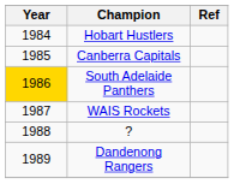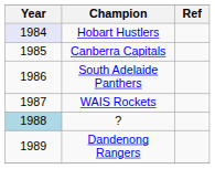 <table class="wikitable sortable" style="text-align:center">
 <tr bgcolor="#efefef">
 </tr>
 <tr font_color="#FFFFFF">
 <th style="width:70px">Year</th>
 <th style="width:145px">Champion</th>
 <th style="width:40px">Ref</th>
 </tr>
 <tr>
-<td align=center>1984</td>
+<td align=center style="background: lavender;">1984</td>
 <td><a href='#'>Hobart Hustlers</a></td>
 <td></td>
 </tr>
 <tr>
 <td align=center>1985</td>
 <td><a href='#'>Canberra Capitals</a></td>
 <td></td>
 </tr>
 <tr>
-<td align=center style="background: gold;">1986</td>
+<td align=center>1986</td>
 <td><a href='#'>South Adelaide Panthers</a></td>
 <td></td>
 </tr>
 <tr>
 <td align=center>1987</td>
 <td><a href='#'>WAIS Rockets</a></td>
 <td></td>
 </tr>
 <tr>
-<td align=center>1988</td>
+<td align=center style="background: lightblue;">1988</td>
 <td>?</td>
 <td></td>
 </tr>
 <tr>
 <td align=center>1989</td>
 <td><a href='#'>Dandenong Rangers</a></td>
 <td></td>
 </tr>
 <tr>
 </tr>
 </table>
